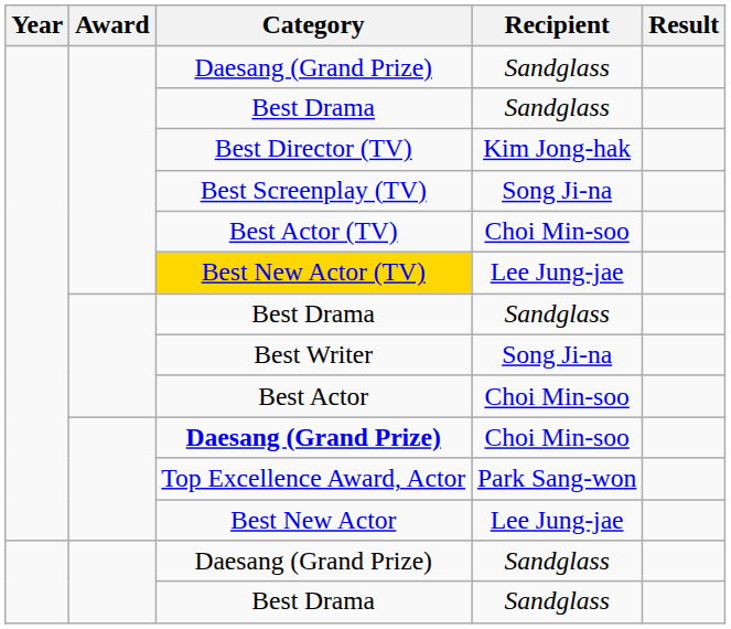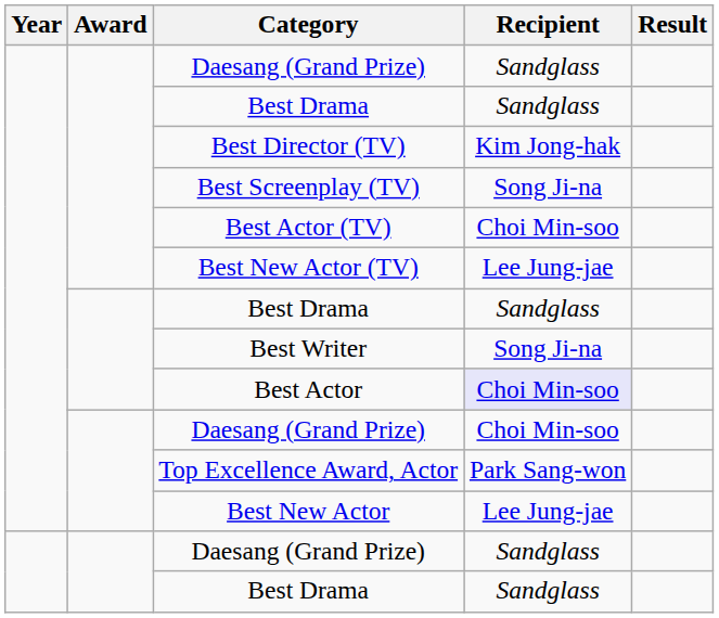 <table class="wikitable sortable" style="text-align:center">
 <tr>
 <th>Year</th>
 <th>Award</th>
 <th>Category</th>
 <th>Recipient</th>
 <th>Result</th>
 </tr>
 <tr>
 <td rowspan="12"></td>
 <td rowspan="6"></td>
 <td><a href='#'>Daesang (Grand Prize)</a></td>
 <td><em>Sandglass</em></td>
 <td></td>
 </tr>
 <tr>
 <td><a href='#'>Best Drama</a></td>
 <td><em>Sandglass</em></td>
 <td></td>
 </tr>
 <tr>
 <td><a href='#'>Best Director (TV)</a></td>
 <td><a href='#'>Kim Jong-hak</a></td>
 <td></td>
 </tr>
 <tr>
 <td><a href='#'>Best Screenplay (TV)</a></td>
 <td><a href='#'>Song Ji-na</a></td>
 <td></td>
 </tr>
 <tr>
 <td><a href='#'>Best Actor (TV)</a></td>
 <td><a href='#'>Choi Min-soo</a></td>
 <td></td>
 </tr>
 <tr>
-<td style="background: gold;"><a href='#'>Best New Actor (TV)</a></td>
+<td><a href='#'>Best New Actor (TV)</a></td>
 <td><a href='#'>Lee Jung-jae</a></td>
 <td></td>
 </tr>
 <tr>
 <td rowspan="3"></td>
 <td>Best Drama</td>
 <td><em>Sandglass</em></td>
 <td></td>
 </tr>
 <tr>
 <td>Best Writer</td>
 <td><a href='#'>Song Ji-na</a></td>
 <td></td>
 </tr>
 <tr>
 <td>Best Actor</td>
-<td><a href='#'>Choi Min-soo</a></td>
+<td style="background: lavender;"><a href='#'>Choi Min-soo</a></td>
 <td></td>
 </tr>
 <tr>
 <td rowspan="3"></td>
-<td><strong><a href='#'>Daesang (Grand Prize)</a></strong></td>
+<td><a href='#'>Daesang (Grand Prize)</a></td>
 <td><a href='#'>Choi Min-soo</a></td>
 <td></td>
 </tr>
 <tr>
 <td><a href='#'>Top Excellence Award, Actor</a></td>
 <td><a href='#'>Park Sang-won</a></td>
 <td></td>
 </tr>
 <tr>
 <td><a href='#'>Best New Actor</a></td>
 <td><a href='#'>Lee Jung-jae</a></td>
 <td></td>
 </tr>
 <tr>
 <td rowspan="2"></td>
 <td rowspan="2"></td>
 <td>Daesang (Grand Prize)</td>
 <td><em>Sandglass</em></td>
 <td></td>
 </tr>
 <tr>
 <td>Best Drama</td>
 <td><em>Sandglass</em></td>
 <td></td>
 </tr>
 </table>
